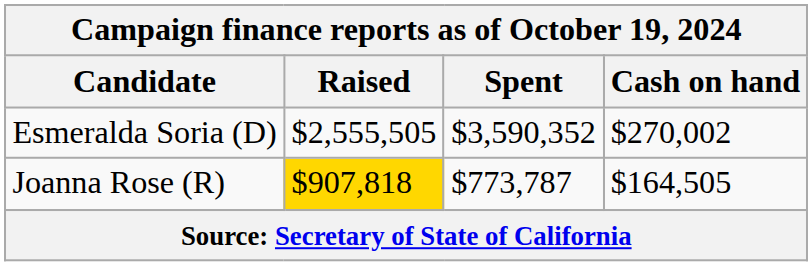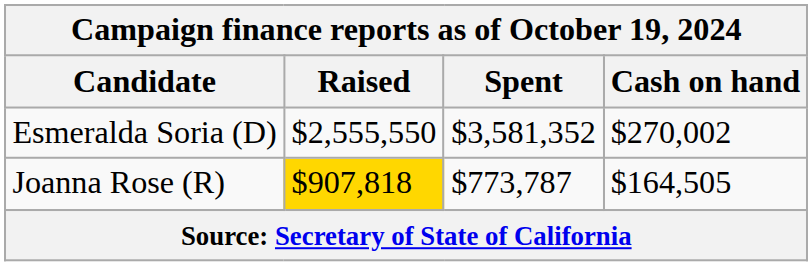 <table class="wikitable sortable">
 <tr>
 <th colspan=4>Campaign finance reports as of October 19, 2024</th>
 </tr>
 <tr style="text-align:center;">
 <th>Candidate</th>
 <th>Raised</th>
 <th>Spent</th>
 <th>Cash on hand</th>
 </tr>
 <tr>
 <td style="color:black;background-color:">Esmeralda Soria (D)</td>
-<td>$2,555,505</td>
-<td>$3,590,352</td>
+<td>$2,555,550</td>
+<td>$3,581,352</td>
 <td>$270,002</td>
 </tr>
 <tr>
 <td style="background-color:">Joanna Rose (R)</td>
 <td style="background: gold;">$907,818</td>
 <td>$773,787</td>
 <td>$164,505</td>
 </tr>
 <tr>
 <th colspan="4"><small>Source: <a href='#'>Secretary of State of California</a></small></th>
 </tr>
 </table>
